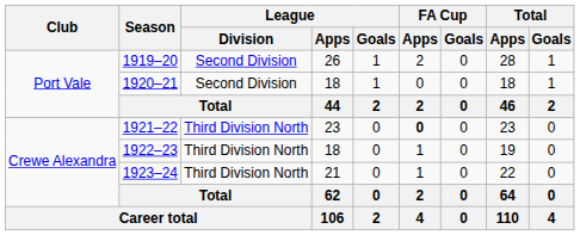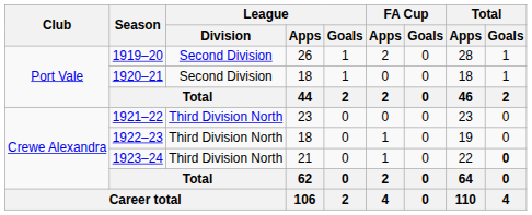 <table class="wikitable" style="text-align: center;">
 <tr>
 <th rowspan="2">Club</th>
 <th rowspan="2">Season</th>
 <th colspan="3">League</th>
 <th colspan="2">FA Cup</th>
 <th colspan="2">Total</th>
 </tr>
 <tr>
 <th>Division</th>
 <th>Apps</th>
 <th>Goals</th>
 <th>Apps</th>
 <th>Goals</th>
 <th>Apps</th>
 <th>Goals</th>
 </tr>
 <tr>
 <td rowspan="3"><a href='#'>Port Vale</a></td>
 <td><a href='#'>1919–20</a></td>
 <td><a href='#'>Second Division</a></td>
 <td>26</td>
 <td>1</td>
 <td>2</td>
 <td>0</td>
 <td>28</td>
 <td>1</td>
 </tr>
 <tr>
 <td><a href='#'>1920–21</a></td>
 <td>Second Division</td>
 <td>18</td>
 <td>1</td>
 <td>0</td>
 <td>0</td>
 <td>18</td>
 <td>1</td>
 </tr>
 <tr>
 <th colspan="2">Total</th>
 <th>44</th>
 <th>2</th>
 <th>2</th>
 <th>0</th>
 <th>46</th>
 <th>2</th>
 </tr>
 <tr>
 <td rowspan="4"><a href='#'>Crewe Alexandra</a></td>
 <td><a href='#'>1921–22</a></td>
 <td><a href='#'>Third Division North</a></td>
 <td>23</td>
 <td>0</td>
-<td><strong>0</strong></td>
+<td>0</td>
 <td>0</td>
 <td>23</td>
 <td>0</td>
 </tr>
 <tr>
 <td><a href='#'>1922–23</a></td>
 <td>Third Division North</td>
 <td>18</td>
 <td>0</td>
 <td>1</td>
 <td>0</td>
 <td>19</td>
 <td>0</td>
 </tr>
 <tr>
 <td><a href='#'>1923–24</a></td>
 <td>Third Division North</td>
 <td>21</td>
 <td>0</td>
 <td>1</td>
 <td>0</td>
 <td>22</td>
-<td>0</td>
+<td><strong>0</strong></td>
 </tr>
 <tr>
 <th colspan="2">Total</th>
 <th>62</th>
 <th>0</th>
 <th>2</th>
 <th>0</th>
 <th>64</th>
 <th>0</th>
 </tr>
 <tr>
 <th colspan="3">Career total</th>
 <th>106</th>
 <th>2</th>
 <th>4</th>
 <th>0</th>
 <th>110</th>
 <th>4</th>
 </tr>
 </table>
